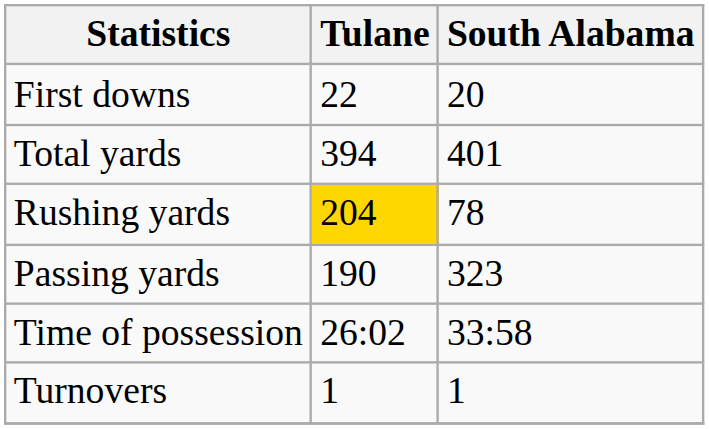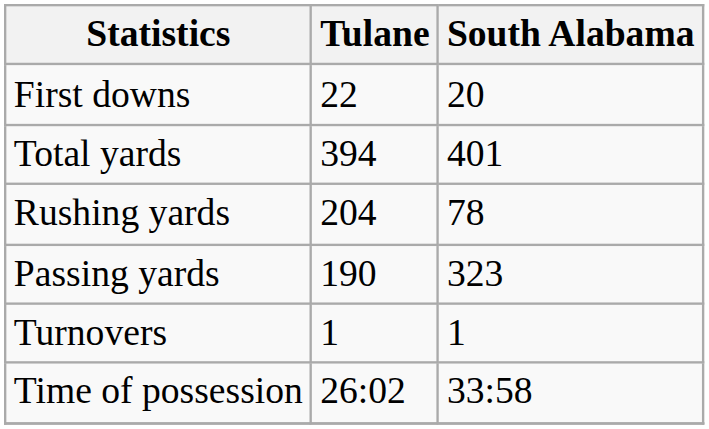 <table class="wikitable">
 <tr>
 <th>Statistics</th>
 <th>Tulane</th>
 <th>South Alabama</th>
 </tr>
 <tr>
 <td>First downs</td>
 <td>22</td>
 <td>20</td>
 </tr>
 <tr>
 <td>Total yards</td>
 <td>394</td>
 <td>401</td>
 </tr>
 <tr>
 <td>Rushing yards</td>
-<td style="background: gold;">204</td>
+<td>204</td>
 <td>78</td>
 </tr>
 <tr>
 <td>Passing yards</td>
 <td>190</td>
 <td>323</td>
 </tr>
 <tr>
+<td>Turnovers</td>
+<td>1</td>
+<td>1</td>
+</tr>
+<tr>
 <td>Time of possession</td>
 <td>26:02</td>
 <td>33:58</td>
 </tr>
 <tr>
-<td>Turnovers</td>
-<td>1</td>
-<td>1</td>
-</tr>
-<tr>
 </tr>
 </table>
